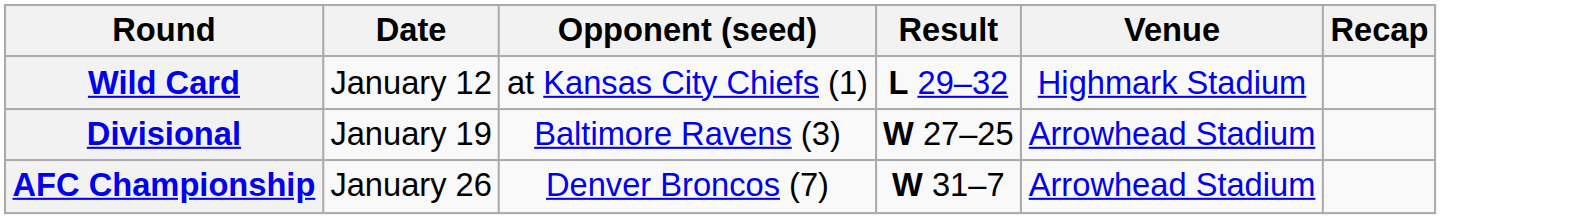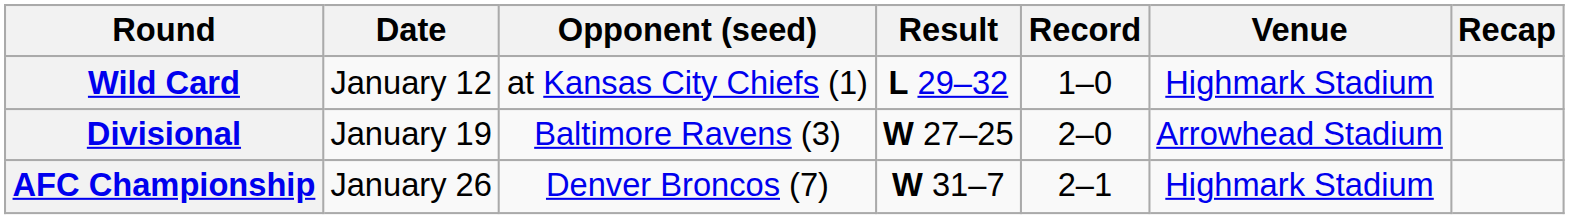 <table class="wikitable" style="text-align:center">
 <tr>
 <th>Round</th>
 <th>Date</th>
 <th>Opponent (seed)</th>
 <th>Result</th>
+<th>Record</th>
 <th>Venue</th>
 <th>Recap</th>
 </tr>
 <tr>
 <th><a href='#'>Wild Card</a></th>
 <td>January 12</td>
 <td>at <a href='#'>Kansas City Chiefs</a> (1)</td>
 <td><strong>L</strong> <a href='#'>29–32</a></td>
+<td>1–0</td>
 <td><a href='#'>Highmark Stadium</a></td>
 <td></td>
 </tr>
 <tr>
 <th><a href='#'>Divisional</a></th>
 <td>January 19</td>
 <td><a href='#'>Baltimore Ravens</a> (3)</td>
 <td><strong>W</strong> 27–25</td>
+<td>2–0</td>
 <td><a href='#'>Arrowhead Stadium</a></td>
 <td></td>
 </tr>
 <tr>
 <th><a href='#'>AFC Championship</a></th>
 <td>January 26</td>
 <td><a href='#'>Denver Broncos</a> (7)</td>
 <td><strong>W</strong> 31–7</td>
-<td><a href='#'>Arrowhead Stadium</a></td>
+<td>2–1</td>
+<td><a href='#'>Highmark Stadium</a></td>
 <td></td>
 </tr>
 </table>
